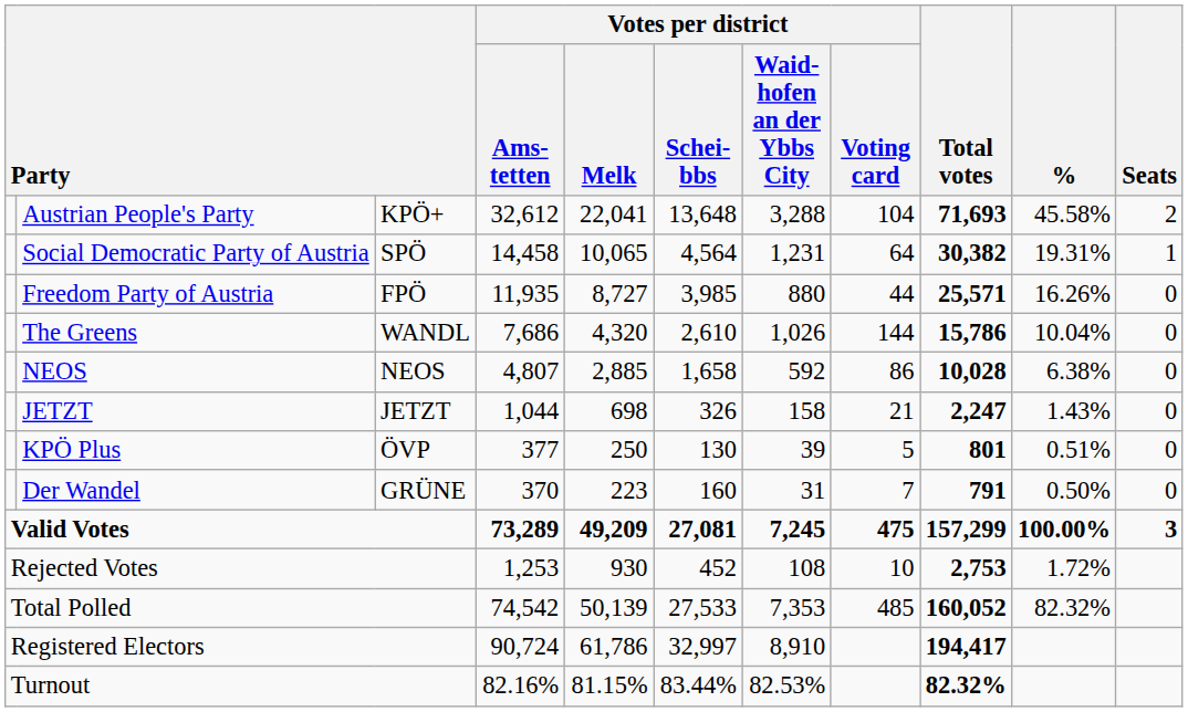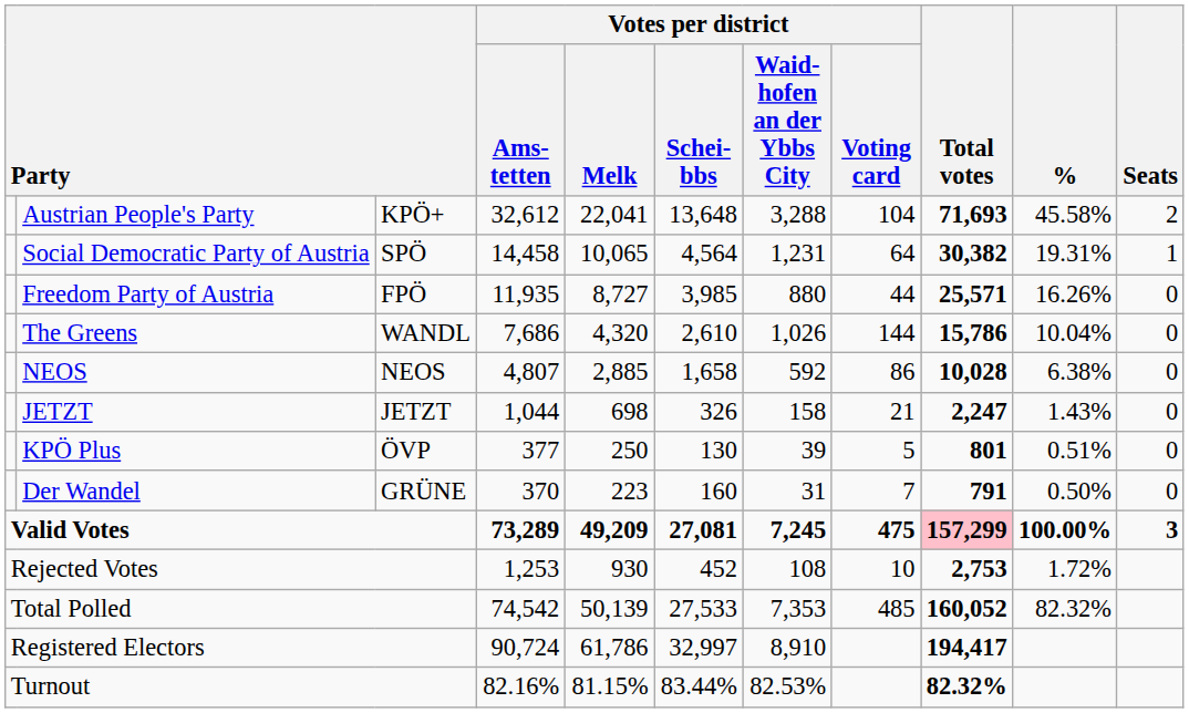 <table class="wikitable" border="1" style="text-align:right;">
 <tr>
 <th style="text-align:left;" valign=bottom rowspan=2 colspan=3>Party</th>
 <th colspan=5>Votes per district</th>
 <th align=center valign=bottom rowspan=2 width="50">Total<br>votes</th>
 <th align=center valign=bottom rowspan=2 width="50">%</th>
 <th align=center valign=bottom rowspan=2>Seats</th>
 </tr>
 <tr>
 <th align=center valign=bottom width="50"><a href='#'>Ams-<br>tetten</a></th>
 <th align=center valign=bottom width="50"><a href='#'>Melk</a></th>
 <th align=center valign=bottom width="50"><a href='#'>Schei-<br>bbs</a></th>
 <th align=center valign=bottom width="50"><a href='#'>Waid-<br>hofen<br>an der<br>Ybbs<br>City</a></th>
 <th align=center valign=bottom width="50"><a href='#'>Voting<br>card</a></th>
 </tr>
 <tr>
 <td></td>
 <td align=left><a href='#'>Austrian People's Party</a></td>
 <td align=left>KPÖ+</td>
 <td>32,612</td>
 <td>22,041</td>
 <td>13,648</td>
 <td>3,288</td>
 <td>104</td>
 <td><strong>71,693</strong></td>
 <td>45.58%</td>
 <td>2</td>
 </tr>
 <tr>
 <td></td>
 <td align=left style="white-space: nowrap;"><a href='#'>Social Democratic Party of Austria</a></td>
 <td align=left>SPÖ</td>
 <td>14,458</td>
 <td>10,065</td>
 <td>4,564</td>
 <td>1,231</td>
 <td>64</td>
 <td><strong>30,382</strong></td>
 <td>19.31%</td>
 <td>1</td>
 </tr>
 <tr>
 <td></td>
 <td align=left><a href='#'>Freedom Party of Austria</a></td>
 <td align=left>FPÖ</td>
 <td>11,935</td>
 <td>8,727</td>
 <td>3,985</td>
 <td>880</td>
 <td>44</td>
 <td><strong>25,571</strong></td>
 <td>16.26%</td>
 <td>0</td>
 </tr>
 <tr>
 <td></td>
 <td align=left><a href='#'>The Greens</a></td>
 <td align=left>WANDL</td>
 <td>7,686</td>
 <td>4,320</td>
 <td>2,610</td>
 <td>1,026</td>
 <td>144</td>
 <td><strong>15,786</strong></td>
 <td>10.04%</td>
 <td>0</td>
 </tr>
 <tr>
 <td></td>
 <td align=left><a href='#'>NEOS</a></td>
 <td align=left>NEOS</td>
 <td>4,807</td>
 <td>2,885</td>
 <td>1,658</td>
 <td>592</td>
 <td>86</td>
 <td><strong>10,028</strong></td>
 <td>6.38%</td>
 <td>0</td>
 </tr>
 <tr>
 <td></td>
 <td align=left><a href='#'>JETZT</a></td>
 <td align=left>JETZT</td>
 <td>1,044</td>
 <td>698</td>
 <td>326</td>
 <td>158</td>
 <td>21</td>
 <td><strong>2,247</strong></td>
 <td>1.43%</td>
 <td>0</td>
 </tr>
 <tr>
 <td></td>
 <td align=left><a href='#'>KPÖ Plus</a></td>
 <td align=left>ÖVP</td>
 <td>377</td>
 <td>250</td>
 <td>130</td>
 <td>39</td>
 <td>5</td>
 <td><strong>801</strong></td>
 <td>0.51%</td>
 <td>0</td>
 </tr>
 <tr>
 <td></td>
 <td align=left><a href='#'>Der Wandel</a></td>
 <td align=left>GRÜNE</td>
 <td>370</td>
 <td>223</td>
 <td>160</td>
 <td>31</td>
 <td>7</td>
 <td><strong>791</strong></td>
 <td>0.50%</td>
 <td>0</td>
 </tr>
 <tr style="font-weight:bold">
 <td align=left colspan=3>Valid Votes</td>
 <td>73,289</td>
 <td>49,209</td>
 <td>27,081</td>
 <td>7,245</td>
 <td>475</td>
-<td>157,299</td>
+<td style="background: pink;">157,299</td>
 <td>100.00%</td>
 <td>3</td>
 </tr>
 <tr>
 <td align=left colspan=3>Rejected Votes</td>
 <td>1,253</td>
 <td>930</td>
 <td>452</td>
 <td>108</td>
 <td>10</td>
 <td><strong>2,753</strong></td>
 <td>1.72%</td>
 <td></td>
 </tr>
 <tr>
 <td align=left colspan=3>Total Polled</td>
 <td>74,542</td>
 <td>50,139</td>
 <td>27,533</td>
 <td>7,353</td>
 <td>485</td>
 <td><strong>160,052</strong></td>
 <td>82.32%</td>
 <td></td>
 </tr>
 <tr>
 <td align=left colspan=3>Registered Electors</td>
 <td>90,724</td>
 <td>61,786</td>
 <td>32,997</td>
 <td>8,910</td>
 <td></td>
 <td><strong>194,417</strong></td>
 <td></td>
 <td></td>
 </tr>
 <tr>
 <td align=left colspan=3>Turnout</td>
 <td>82.16%</td>
 <td>81.15%</td>
 <td>83.44%</td>
 <td>82.53%</td>
 <td></td>
 <td><strong>82.32%</strong></td>
 <td></td>
 <td></td>
 </tr>
 </table>
